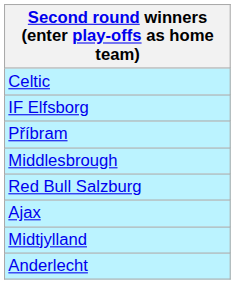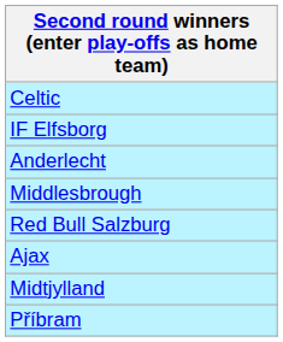 <table class="wikitable">
 <tr>
 <th width=210><a href='#'>Second round</a> winners<br>(enter <a href='#'>play-offs</a> as home team)</th>
 </tr>
 <tr>
 <td bgcolor=#BBF3FF> <a href='#'>Celtic</a></td>
 </tr>
 <tr>
 <td bgcolor=#BBF3FF> <a href='#'>IF Elfsborg</a></td>
 </tr>
 <tr>
-<td bgcolor=#BBF3FF> <a href='#'>Příbram</a></td>
+<td bgcolor=#BBF3FF> <a href='#'>Anderlecht</a></td>
 </tr>
 <tr>
 <td bgcolor=#BBF3FF> <a href='#'>Middlesbrough</a></td>
 </tr>
 <tr>
 <td bgcolor=#BBF3FF> <a href='#'>Red Bull Salzburg</a></td>
 </tr>
 <tr>
 <td bgcolor=#BBF3FF> <a href='#'>Ajax</a></td>
 </tr>
 <tr>
 <td bgcolor=#BBF3FF> <a href='#'>Midtjylland</a></td>
 </tr>
 <tr>
-<td bgcolor=#BBF3FF> <a href='#'>Anderlecht</a></td>
+<td bgcolor=#BBF3FF> <a href='#'>Příbram</a></td>
 </tr>
 </table>
